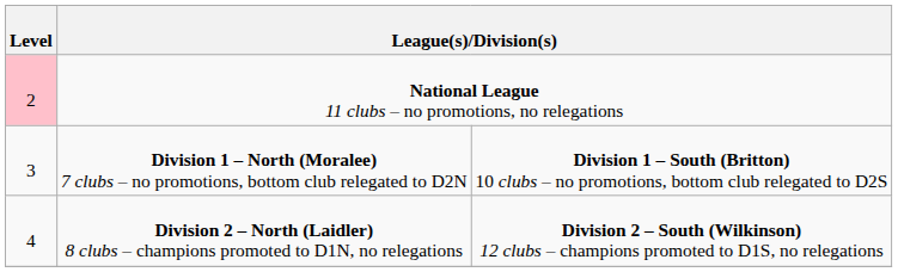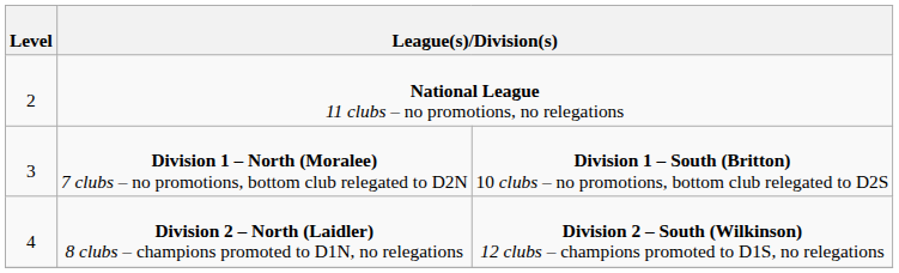 <table class="wikitable" style="text-align: center;">
 <tr>
 <th><br>Level</th>
 <th colspan="28"><br>League(s)/Division(s)</th>
 </tr>
 <tr>
-<td style="background: pink;"><br>2</td>
+<td><br>2</td>
 <td colspan="28"><br><strong>National League</strong><br> <em>11 clubs</em> – no promotions, no relegations</td>
 </tr>
 <tr>
 <td><br>3</td>
 <td colspan="14"><br><strong>Division 1 – North (Moralee)</strong><br> <em>7 clubs</em> – no promotions, bottom club relegated to D2N</td>
 <td colspan="14"><br><strong>Division 1 – South (Britton)</strong><br> 10 <em>clubs</em> – no promotions, bottom club relegated to D2S</td>
 </tr>
 <tr>
 <td><br>4</td>
 <td colspan="14"><br><strong>Division 2 – North (Laidler)</strong><br> <em>8 clubs</em> – champions promoted to D1N, no relegations</td>
 <td colspan="14"><br><strong>Division 2 – South (Wilkinson)</strong><br> <em>12 clubs</em> – champions promoted to D1S, no relegations</td>
 </tr>
 <tr>
 </tr>
 </table>
